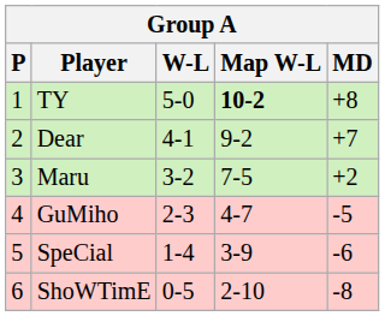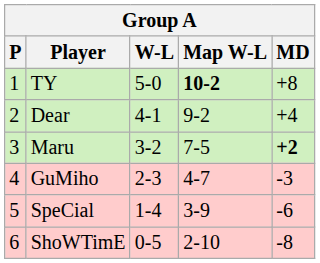 <table class="wikitable" style="display: inline-table;">
 <tr>
 <th colspan="5">Group A</th>
 </tr>
 <tr>
 <th>P</th>
 <th>Player</th>
 <th>W-L</th>
 <th>Map W-L</th>
 <th>MD</th>
 </tr>
 <tr style="background: #D0F0C0;">
 <td>1</td>
 <td>TY</td>
 <td>5-0</td>
 <td><strong>10-2</strong></td>
 <td>+8</td>
 </tr>
 <tr style="background: #D0F0C0;">
 <td>2</td>
 <td>Dear</td>
 <td>4-1</td>
 <td>9-2</td>
-<td>+7</td>
+<td>+4</td>
 </tr>
 <tr style="background: #D0F0C0;">
 <td>3</td>
 <td>Maru</td>
 <td>3-2</td>
 <td>7-5</td>
-<td>+2</td>
+<td><strong>+2</strong></td>
 </tr>
 <tr style="background: #FFCCCC;">
 <td>4</td>
 <td>GuMiho</td>
 <td>2-3</td>
 <td>4-7</td>
-<td>-5</td>
+<td>-3</td>
 </tr>
 <tr style="background: #FFCCCC;">
 <td>5</td>
 <td>SpeCial</td>
 <td>1-4</td>
 <td>3-9</td>
 <td>-6</td>
 </tr>
 <tr style="background: #FFCCCC;">
 <td>6</td>
 <td>ShoWTimE</td>
 <td>0-5</td>
 <td>2-10</td>
 <td>-8</td>
 </tr>
 </table>
